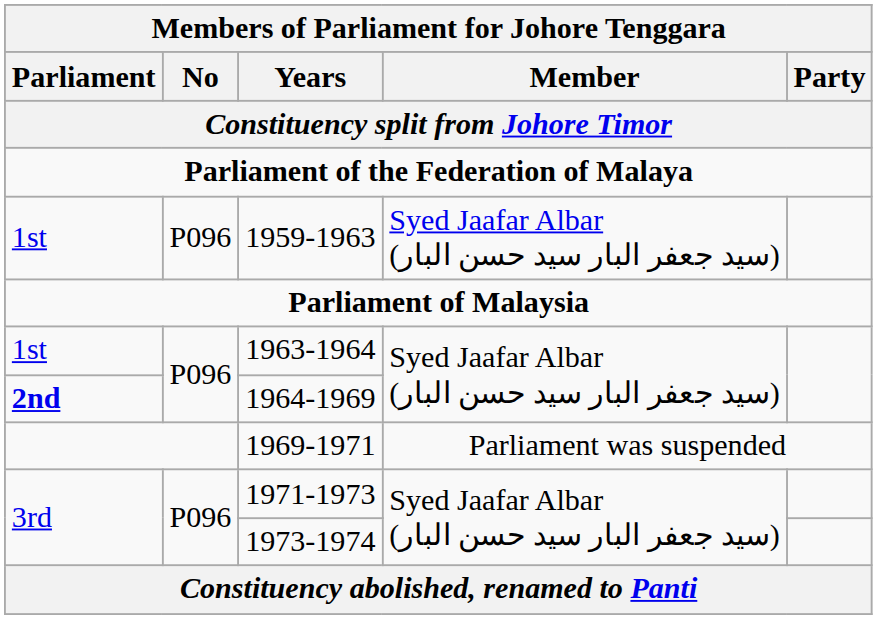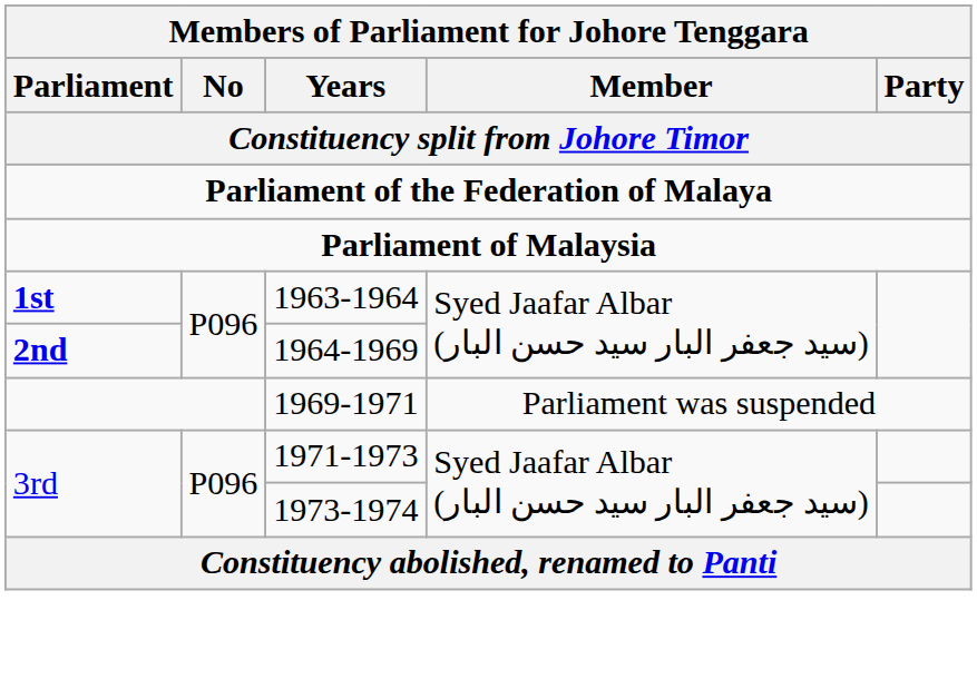 <table class=wikitable>
 <tr>
 <th colspan="5">Members of Parliament for Johore Tenggara</th>
 </tr>
 <tr>
 <th>Parliament</th>
 <th>No</th>
 <th>Years</th>
 <th>Member</th>
 <th>Party</th>
 </tr>
 <tr>
 <th colspan="5" align="center"><em>Constituency split from <a href='#'>Johore Timor</a></em></th>
 </tr>
 <tr>
 <td colspan="5" align="center"><strong>Parliament of the Federation of Malaya</strong></td>
 </tr>
 <tr>
-<td><a href='#'>1st</a></td>
-<td>P096</td>
-<td>1959-1963</td>
-<td><a href='#'>Syed Jaafar Albar</a> <br> (سيد جعفر البار سيد حسن البار‎)</td>
-<td></td>
-</tr>
-<tr>
 <td colspan="5" align="center"><strong>Parliament of Malaysia</strong></td>
 </tr>
 <tr>
-<td><a href='#'>1st</a></td>
+<td><strong><a href='#'>1st</a></strong></td>
 <td rowspan="2">P096</td>
 <td>1963-1964</td>
 <td rowspan=2>Syed Jaafar Albar  <br>(سيد جعفر البار سيد حسن البار‎)</td>
 <td rowspan=2></td>
 </tr>
 <tr>
 <td><strong><a href='#'>2nd</a></strong></td>
 <td>1964-1969</td>
 </tr>
 <tr>
 <td colspan="2"></td>
 <td>1969-1971</td>
 <td colspan=2 align=center>Parliament was suspended</td>
 </tr>
 <tr>
 <td rowspan=2><a href='#'>3rd</a></td>
 <td rowspan="2">P096</td>
 <td>1971-1973</td>
 <td rowspan=2>Syed Jaafar Albar <br> (سيد جعفر البار سيد حسن البار‎)</td>
 <td></td>
 </tr>
 <tr>
 <td>1973-1974</td>
 <td></td>
 </tr>
 <tr>
 <th colspan="5" align="center"><em>Constituency abolished, renamed to <a href='#'>Panti</a></em></th>
 </tr>
 </table>
